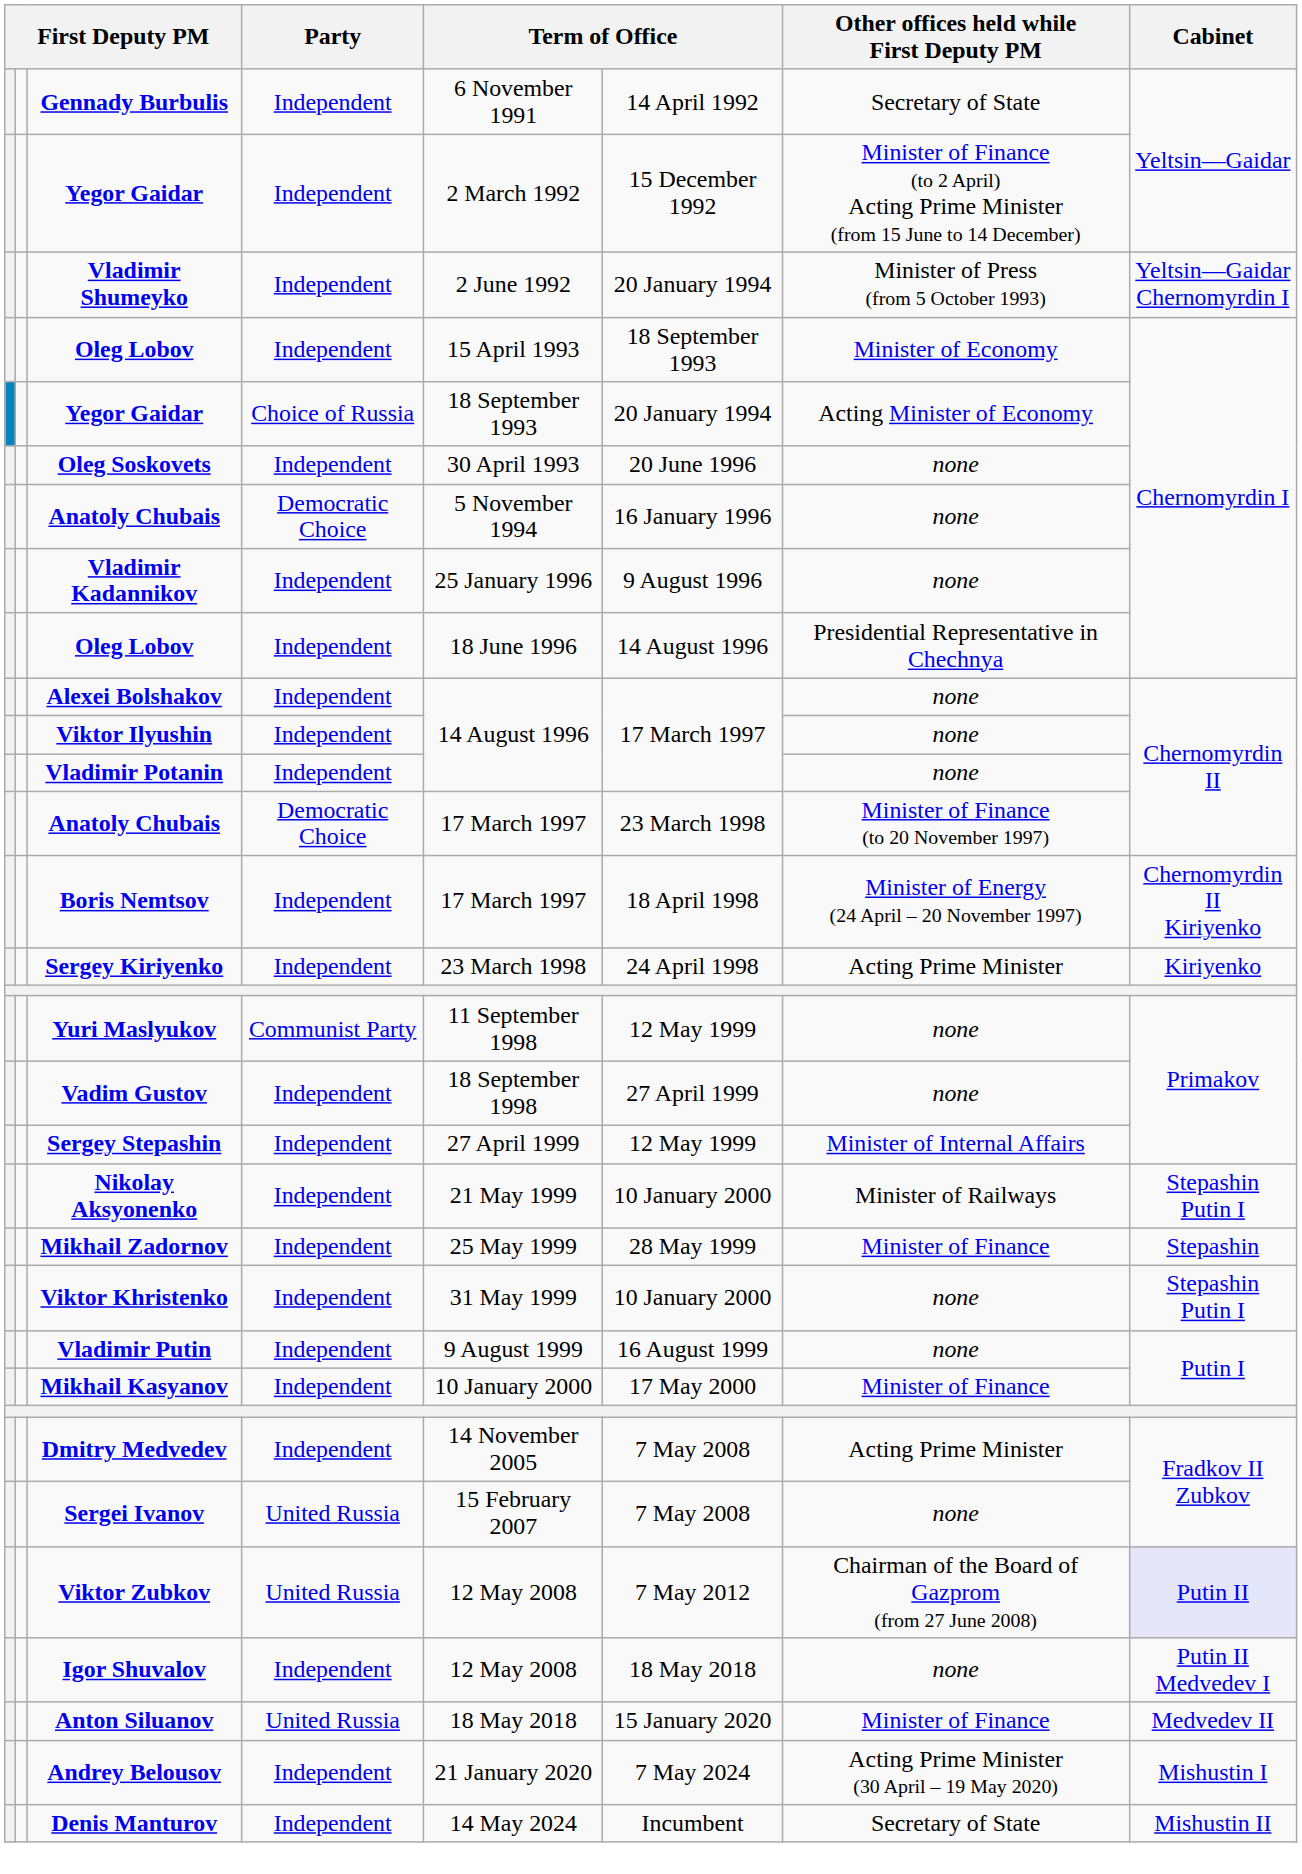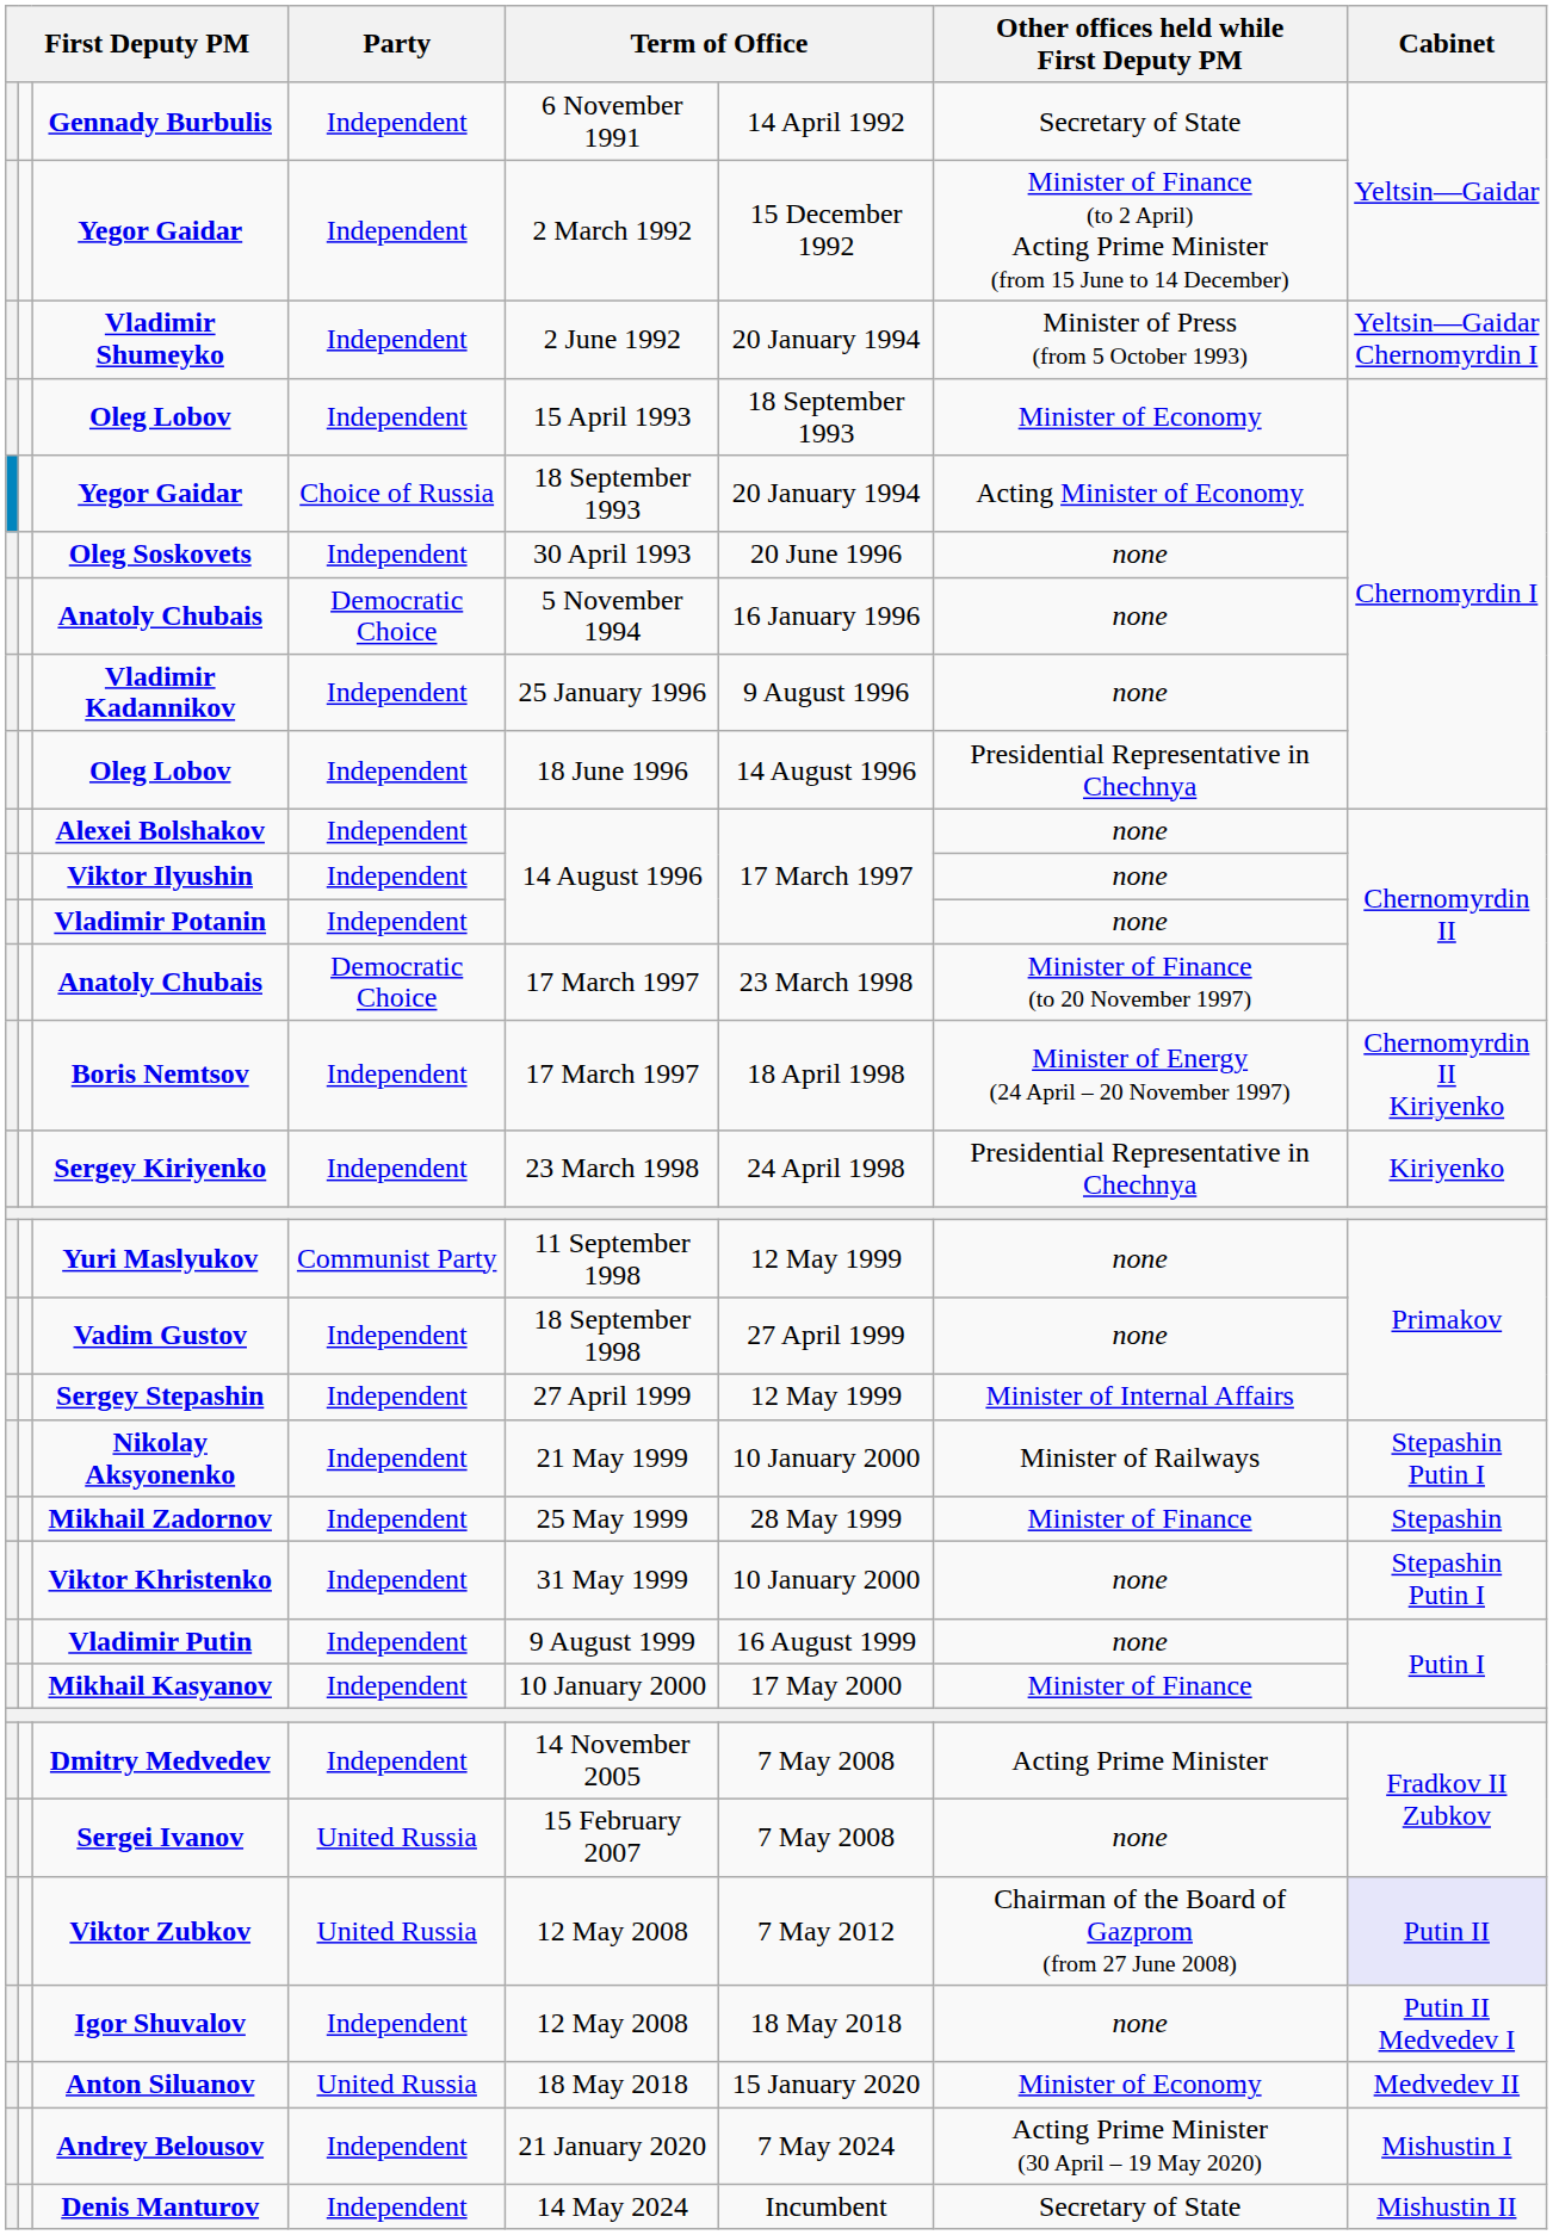 <table class="wikitable" style="text-align:center;">
 <tr>
 <th colspan=3>First Deputy PM</th>
 <th>Party</th>
 <th colspan=2>Term of Office</th>
 <th>Other offices held while<br>First Deputy PM</th>
 <th colspan=2>Cabinet</th>
 </tr>
 <tr>
 <th style="background:"></th>
 <td></td>
 <td><strong><a href='#'>Gennady Burbulis</a></strong></td>
 <td><a href='#'>Independent</a></td>
 <td>6 November 1991</td>
 <td>14 April 1992</td>
 <td>Secretary of State</td>
 <td rowspan=2><a href='#'>Yeltsin—Gaidar</a></td>
 </tr>
 <tr>
 <th style="background:"></th>
 <td></td>
 <td><strong><a href='#'>Yegor Gaidar</a></strong></td>
 <td><a href='#'>Independent</a></td>
 <td>2 March 1992</td>
 <td>15 December 1992</td>
 <td><a href='#'>Minister of Finance</a><br><small>(to 2 April)</small><br>Acting Prime Minister<br><small>(from 15 June to 14 December)</small></td>
 </tr>
 <tr>
 <th style="background:"></th>
 <td></td>
 <td><strong><a href='#'>Vladimir Shumeyko</a></strong></td>
 <td><a href='#'>Independent</a></td>
 <td>2 June 1992</td>
 <td>20 January 1994</td>
 <td>Minister of Press<br><small>(from 5 October 1993)</small></td>
 <td><a href='#'>Yeltsin—Gaidar</a><br><a href='#'>Chernomyrdin I</a></td>
 </tr>
 <tr>
 <th style="background:"></th>
 <td></td>
 <td><strong><a href='#'>Oleg Lobov</a></strong></td>
 <td><a href='#'>Independent</a></td>
 <td>15 April 1993</td>
 <td>18 September 1993</td>
 <td><a href='#'>Minister of Economy</a></td>
 <td rowspan=6><a href='#'>Chernomyrdin I</a></td>
 </tr>
 <tr>
 <th style="background:#0085BE"></th>
 <td></td>
 <td><strong><a href='#'>Yegor Gaidar</a></strong></td>
 <td><a href='#'>Choice of Russia</a></td>
 <td>18 September 1993</td>
 <td>20 January 1994</td>
 <td>Acting <a href='#'>Minister of Economy</a></td>
 </tr>
 <tr>
 <th style="background:"></th>
 <td></td>
 <td><strong><a href='#'>Oleg Soskovets</a></strong></td>
 <td><a href='#'>Independent</a></td>
 <td>30 April 1993</td>
 <td>20 June 1996</td>
 <td><em>none</em></td>
 </tr>
 <tr>
 <th style="background:"></th>
 <td></td>
 <td><strong><a href='#'>Anatoly Chubais</a></strong></td>
 <td><a href='#'>Democratic Choice</a></td>
 <td>5 November 1994</td>
 <td>16 January 1996</td>
 <td><em>none</em></td>
 </tr>
 <tr>
 <th style="background:"></th>
 <td></td>
 <td><strong><a href='#'>Vladimir Kadannikov</a></strong></td>
 <td><a href='#'>Independent</a></td>
 <td>25 January 1996</td>
 <td>9 August 1996</td>
 <td><em>none</em></td>
 </tr>
 <tr>
 <th style="background:"></th>
 <td></td>
 <td><strong><a href='#'>Oleg Lobov</a></strong></td>
 <td><a href='#'>Independent</a></td>
 <td>18 June 1996</td>
 <td>14 August 1996</td>
 <td>Presidential Representative in <a href='#'>Chechnya</a></td>
 </tr>
 <tr>
 <th style="background:"></th>
 <td></td>
 <td><strong><a href='#'>Alexei Bolshakov</a></strong></td>
 <td><a href='#'>Independent</a></td>
 <td rowspan=3>14 August 1996</td>
 <td rowspan=3>17 March 1997</td>
 <td><em>none</em></td>
 <td rowspan=4><a href='#'>Chernomyrdin II</a></td>
 </tr>
 <tr>
 <th style="background:"></th>
 <td></td>
 <td><strong><a href='#'>Viktor Ilyushin</a></strong></td>
 <td><a href='#'>Independent</a></td>
 <td><em>none</em></td>
 </tr>
 <tr>
 <th style="background:"></th>
 <td></td>
 <td><strong><a href='#'>Vladimir Potanin</a></strong></td>
 <td><a href='#'>Independent</a></td>
 <td><em>none</em></td>
 </tr>
 <tr>
 <th style="background:"></th>
 <td></td>
 <td><strong><a href='#'>Anatoly Chubais</a></strong></td>
 <td><a href='#'>Democratic Choice</a></td>
 <td>17 March 1997</td>
 <td>23 March 1998</td>
 <td><a href='#'>Minister of Finance</a><br><small>(to 20 November 1997)</small></td>
 </tr>
 <tr>
 <th style="background:"></th>
 <td></td>
 <td><strong><a href='#'>Boris Nemtsov</a></strong></td>
 <td><a href='#'>Independent</a></td>
 <td>17 March 1997</td>
 <td>18 April 1998</td>
 <td><a href='#'>Minister of Energy</a><br><small>(24 April – 20 November 1997)</small></td>
 <td><a href='#'>Chernomyrdin II</a><br><a href='#'>Kiriyenko</a></td>
 </tr>
 <tr>
 <th style="background:"></th>
 <td></td>
 <td><strong><a href='#'>Sergey Kiriyenko</a></strong></td>
 <td><a href='#'>Independent</a></td>
 <td>23 March 1998</td>
 <td>24 April 1998</td>
-<td>Acting Prime Minister</td>
+<td>Presidential Representative in <a href='#'>Chechnya</a></td>
 <td><a href='#'>Kiriyenko</a></td>
 </tr>
 <tr>
 <th colspan=8></th>
 </tr>
 <tr>
 <th style="background:"></th>
 <td></td>
 <td><strong><a href='#'>Yuri Maslyukov</a></strong></td>
 <td><a href='#'>Communist Party</a></td>
 <td>11 September 1998</td>
 <td>12 May 1999</td>
 <td><em>none</em></td>
 <td rowspan=3><a href='#'>Primakov</a></td>
 </tr>
 <tr>
 <th style="background:"></th>
 <td></td>
 <td><strong><a href='#'>Vadim Gustov</a></strong></td>
 <td><a href='#'>Independent</a></td>
 <td>18 September 1998</td>
 <td>27 April 1999</td>
 <td><em>none</em></td>
 </tr>
 <tr>
 <th style="background:"></th>
 <td></td>
 <td><strong><a href='#'>Sergey Stepashin</a></strong></td>
 <td><a href='#'>Independent</a></td>
 <td>27 April 1999</td>
 <td>12 May 1999</td>
 <td><a href='#'>Minister of Internal Affairs</a></td>
 </tr>
 <tr>
 <th style="background:"></th>
 <td></td>
 <td><strong><a href='#'>Nikolay Aksyonenko</a></strong></td>
 <td><a href='#'>Independent</a></td>
 <td>21 May 1999</td>
 <td>10 January 2000</td>
 <td>Minister of Railways</td>
 <td><a href='#'>Stepashin</a><br><a href='#'>Putin I</a></td>
 </tr>
 <tr>
 <th style="background:"></th>
 <td></td>
 <td><strong><a href='#'>Mikhail Zadornov</a></strong></td>
 <td><a href='#'>Independent</a></td>
 <td>25 May 1999</td>
 <td>28 May 1999</td>
 <td><a href='#'>Minister of Finance</a></td>
 <td><a href='#'>Stepashin</a></td>
 </tr>
 <tr>
 <th style="background:"></th>
 <td></td>
 <td><strong><a href='#'>Viktor Khristenko</a></strong></td>
 <td><a href='#'>Independent</a></td>
 <td>31 May 1999</td>
 <td>10 January 2000</td>
 <td><em>none</em></td>
 <td><a href='#'>Stepashin</a><br><a href='#'>Putin I</a></td>
 </tr>
 <tr>
 <th style="background:"></th>
 <td></td>
 <td><strong><a href='#'>Vladimir Putin</a></strong></td>
 <td><a href='#'>Independent</a></td>
 <td>9 August 1999</td>
 <td>16 August 1999</td>
 <td><em>none</em></td>
 <td rowspan=2><a href='#'>Putin I</a></td>
 </tr>
 <tr>
 <th style="background:"></th>
 <td></td>
 <td><strong><a href='#'>Mikhail Kasyanov</a></strong></td>
 <td><a href='#'>Independent</a></td>
 <td>10 January 2000</td>
 <td>17 May 2000</td>
 <td><a href='#'>Minister of Finance</a></td>
 </tr>
 <tr>
 <th colspan=8></th>
 </tr>
 <tr>
 <th style="background:"></th>
 <td></td>
 <td><strong><a href='#'>Dmitry Medvedev</a></strong></td>
 <td><a href='#'>Independent</a></td>
 <td>14 November 2005</td>
 <td>7 May 2008</td>
 <td>Acting Prime Minister</td>
 <td rowspan=2><a href='#'>Fradkov II</a><br><a href='#'>Zubkov</a></td>
 </tr>
 <tr>
 <th style="background:"></th>
 <td></td>
 <td><strong><a href='#'>Sergei Ivanov</a></strong></td>
 <td><a href='#'>United Russia</a></td>
 <td>15 February 2007</td>
 <td>7 May 2008</td>
 <td><em>none</em></td>
 </tr>
 <tr>
 <th style="background:"></th>
 <td></td>
 <td><strong><a href='#'>Viktor Zubkov</a></strong></td>
 <td><a href='#'>United Russia</a></td>
 <td>12 May 2008</td>
 <td>7 May 2012</td>
 <td>Chairman of the Board of <a href='#'>Gazprom</a><br><small>(from 27 June 2008)</small></td>
 <td style="background: lavender;"><a href='#'>Putin II</a></td>
 </tr>
 <tr>
 <th style="background:"></th>
 <td></td>
 <td><strong><a href='#'>Igor Shuvalov</a></strong></td>
 <td><a href='#'>Independent</a></td>
 <td>12 May 2008</td>
 <td>18 May 2018</td>
 <td><em>none</em></td>
 <td><a href='#'>Putin II</a><br><a href='#'>Medvedev I</a></td>
 </tr>
 <tr>
 <th style="background:"></th>
 <td></td>
 <td><strong><a href='#'>Anton Siluanov</a></strong></td>
 <td><a href='#'>United Russia</a></td>
 <td>18 May 2018</td>
 <td>15 January 2020</td>
-<td><a href='#'>Minister of Finance</a></td>
+<td><a href='#'>Minister of Economy</a></td>
 <td><a href='#'>Medvedev II</a></td>
 </tr>
 <tr>
 <th style="background:"></th>
 <td></td>
 <td><strong><a href='#'>Andrey Belousov</a></strong></td>
 <td><a href='#'>Independent</a></td>
 <td>21 January 2020</td>
 <td>7 May 2024</td>
 <td>Acting Prime Minister<br><small>(30 April – 19 May 2020)</small></td>
 <td><a href='#'>Mishustin I</a></td>
 </tr>
 <tr>
 <th style="background:"></th>
 <td></td>
 <td><strong><a href='#'>Denis Manturov</a></strong></td>
 <td><a href='#'>Independent</a></td>
 <td>14 May 2024</td>
 <td>Incumbent</td>
 <td>Secretary of State</td>
 <td><a href='#'>Mishustin II</a></td>
 </tr>
 </table>
